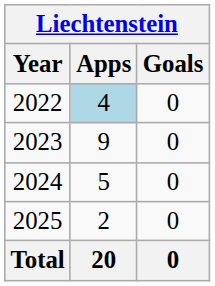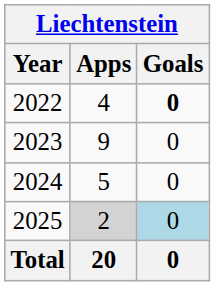 <table class="wikitable" style="text-align:center">
 <tr>
 <th colspan=4><a href='#'>Liechtenstein</a></th>
 </tr>
 <tr>
 <th>Year</th>
 <th>Apps</th>
 <th>Goals</th>
 </tr>
 <tr>
 <td>2022</td>
-<td style="background: lightblue;">4</td>
-<td>0</td>
+<td>4</td>
+<td><strong>0</strong></td>
 </tr>
 <tr>
 <td>2023</td>
 <td>9</td>
 <td>0</td>
 </tr>
 <tr>
 <td>2024</td>
 <td>5</td>
 <td>0</td>
 </tr>
 <tr>
 <td>2025</td>
-<td>2</td>
-<td>0</td>
+<td style="background: lightgrey;">2</td>
+<td style="background: lightblue;">0</td>
 </tr>
 <tr>
 <th>Total</th>
 <th>20</th>
 <th>0</th>
 </tr>
 </table>
